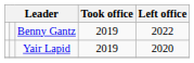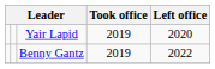 <table class="wikitable" style="text-align: center;">
 <tr>
 <th colspan="3">Leader</th>
 <th>Took office</th>
 <th>Left office</th>
 </tr>
 <tr>
 <td style="background: "></td>
 <td></td>
+<td><a href='#'>Yair Lapid</a></td>
+<td>2019</td>
+<td>2020</td>
+</tr>
+<tr>
+<td style="background: "></td>
+<td></td>
 <td><a href='#'>Benny Gantz</a></td>
 <td>2019</td>
 <td>2022</td>
 </tr>
 <tr>
-<td style="background: "></td>
-<td></td>
-<td><a href='#'>Yair Lapid</a></td>
-<td>2019</td>
-<td>2020</td>
-</tr>
-<tr>
 </tr>
 </table>
